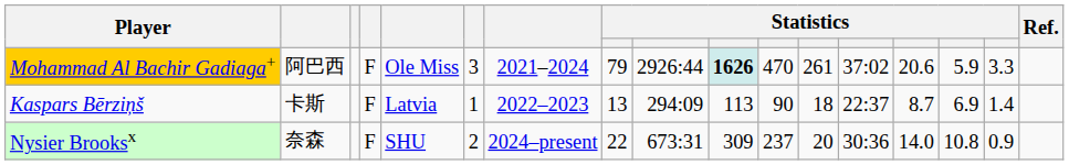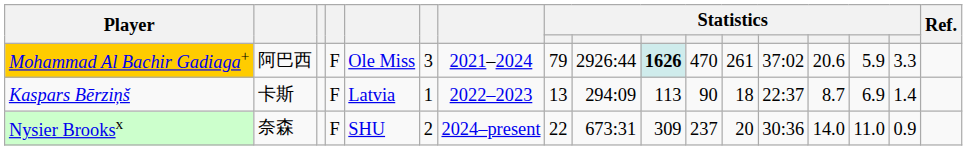 <table class="wikitable sortable" style="font-size:95%; text-align:right;">
 <tr>
 <th rowspan="2">Player</th>
 <th rowspan="2"></th>
 <th rowspan="2"></th>
 <th rowspan="2"></th>
 <th rowspan="2"></th>
 <th rowspan="2"></th>
 <th rowspan="2"></th>
 <th colspan="9">Statistics</th>
 <th rowspan="2">Ref.</th>
 </tr>
 <tr>
 <th></th>
 <th></th>
 <th></th>
 <th></th>
 <th></th>
 <th></th>
 <th></th>
 <th></th>
 <th></th>
 </tr>
 <tr>
 <td align="left" bgcolor="#FFCC00"><em><a href='#'>Mohammad Al Bachir Gadiaga</a></em><sup>+</sup></td>
 <td align="left">阿巴西</td>
 <td align="center"></td>
 <td align="center">F</td>
 <td align="left"><a href='#'>Ole Miss</a></td>
 <td align="center">3</td>
 <td align="center"><a href='#'>2021</a>–<a href='#'>2024</a></td>
 <td>79</td>
 <td>2926:44</td>
 <td bgcolor="#CFECEC"><strong>1626</strong></td>
 <td>470</td>
 <td>261</td>
 <td>37:02</td>
 <td>20.6</td>
 <td>5.9</td>
 <td>3.3</td>
 <td align="center"></td>
 </tr>
 <tr>
 <td align="left"><em><a href='#'>Kaspars Bērziņš</a></em></td>
 <td align="left">卡斯</td>
 <td align="center"></td>
 <td align="center">F</td>
 <td align="left"><a href='#'>Latvia</a></td>
 <td align="center">1</td>
 <td align="center"><a href='#'>2022–2023</a></td>
 <td>13</td>
 <td>294:09</td>
 <td>113</td>
 <td>90</td>
 <td>18</td>
 <td>22:37</td>
 <td>8.7</td>
 <td>6.9</td>
 <td>1.4</td>
 <td align="center"></td>
 </tr>
 <tr>
 <td align="left" bgcolor="#CCFFCC"><a href='#'>Nysier Brooks</a><sup>x</sup></td>
 <td align="left">奈森</td>
 <td align="center"></td>
 <td align="center">F</td>
 <td align="left"><a href='#'>SHU</a></td>
 <td align="center">2</td>
 <td align="center"><a href='#'>2024–present</a></td>
 <td>22</td>
 <td>673:31</td>
 <td>309</td>
 <td>237</td>
 <td>20</td>
 <td>30:36</td>
 <td>14.0</td>
-<td>10.8</td>
+<td>11.0</td>
 <td>0.9</td>
 <td align="center"></td>
 </tr>
 </table>
